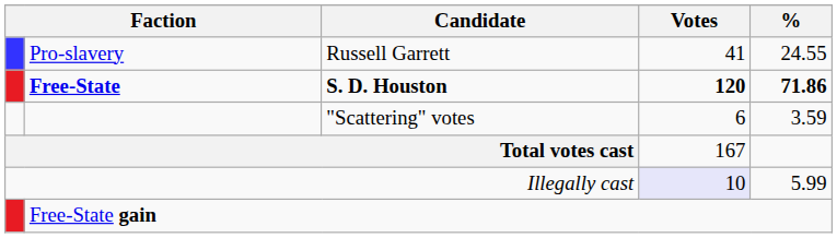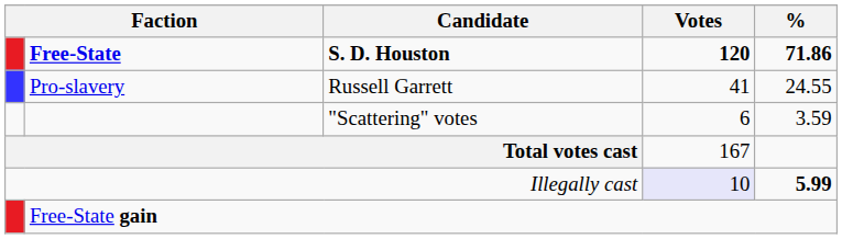 <table class="wikitable plainrowheaders" style="text-align:center;">
 <tr>
 </tr>
 <tr>
 <th scope="col" colspan="2" style="width: 15em">Faction</th>
 <th scope="col" style="width: 15em">Candidate</th>
 <th scope="col" style="width: 5em">Votes</th>
 <th scope="col" style="width: 3.5em">%</th>
 </tr>
 <tr>
+<td style="width: 0.5em; background-color:#E81B23"></td>
+<td style="text-align: left"><strong><a href='#'>Free-State</a></strong></td>
+<td style="text-align: left"><strong>S. D. Houston</strong></td>
+<td style="text-align: right; margin-right: 0.5em"><strong>120</strong></td>
+<td style="text-align: right; margin-right: 0.5em"><strong>71.86</strong></td>
+</tr>
+<tr>
 <td style="width: 0.5em; background-color:#3333FF"></td>
 <td style="text-align: left"><a href='#'>Pro-slavery</a></td>
 <td style="text-align: left">Russell Garrett</td>
 <td style="text-align: right; margin-right: 0.5em">41</td>
 <td style="text-align: right; margin-right: 0.5em">24.55</td>
-</tr>
-<tr>
-<td style="width: 0.5em; background-color:#E81B23"></td>
-<td style="text-align: left"><strong><a href='#'>Free-State</a></strong></td>
-<td style="text-align: left"><strong>S. D. Houston</strong></td>
-<td style="text-align: right; margin-right: 0.5em"><strong>120</strong></td>
-<td style="text-align: right; margin-right: 0.5em"><strong>71.86</strong></td>
 </tr>
 <tr>
 <td style="width: 0.5em"></td>
 <td style="text-align: left"></td>
 <td style="text-align: left">"Scattering" votes</td>
 <td style="text-align: right; margin-right: 0.5em">6</td>
 <td style="text-align: right; margin-right: 0.5em">3.59</td>
 </tr>
 <tr>
 <th colspan="3" style="text-align:right;">Total votes cast</th>
 <td style="text-align:right;">167</td>
 <td style="text-align:right;"></td>
 </tr>
 <tr>
 <td colspan="3" style="text-align:right;"><em>Illegally cast</em></td>
 <td style="background: lavender; text-align:right;">10</td>
-<td style="text-align:right;">5.99</td>
+<td style="text-align:right;"><strong>5.99</strong></td>
 </tr>
 <tr>
 <td style="width: 0.5em; background-color:#E81B23"></td>
 <td colspan="4" style="text-align:left;"><a href='#'>Free-State</a> <strong>gain</strong></td>
 </tr>
 </table>
